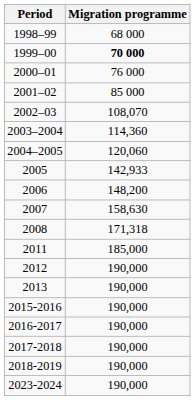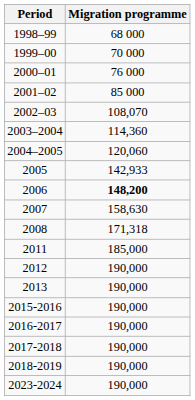 <table class="wikitable" style="text-align:center">
 <tr>
 <th>Period</th>
 <th>Migration programme</th>
 </tr>
 <tr>
 <td>1998–99</td>
 <td>68 000</td>
 </tr>
 <tr>
 <td>1999–00</td>
-<td><strong>70 000 </strong></td>
+<td>70 000 </td>
 </tr>
 <tr>
 <td>2000–01</td>
 <td>76 000 </td>
 </tr>
 <tr>
 <td>2001–02</td>
 <td>85 000 </td>
 </tr>
 <tr>
 <td>2002–03</td>
 <td>108,070 </td>
 </tr>
 <tr>
 <td>2003–2004</td>
 <td>114,360 </td>
 </tr>
 <tr>
 <td>2004–2005</td>
 <td>120,060 </td>
 </tr>
 <tr>
 <td>2005</td>
 <td>142,933 </td>
 </tr>
 <tr>
 <td>2006</td>
-<td>148,200 </td>
+<td><strong>148,200 </strong></td>
 </tr>
 <tr>
 <td>2007</td>
 <td>158,630 </td>
 </tr>
 <tr>
 <td>2008</td>
 <td>171,318 </td>
 </tr>
 <tr>
 <td>2011</td>
 <td>185,000 </td>
 </tr>
 <tr>
 <td>2012</td>
 <td>190,000 </td>
 </tr>
 <tr>
 <td>2013</td>
 <td>190,000</td>
 </tr>
 <tr>
 <td>2015-2016</td>
 <td>190,000</td>
 </tr>
 <tr>
 <td>2016-2017</td>
 <td>190,000</td>
 </tr>
 <tr>
 <td>2017-2018</td>
 <td>190,000</td>
 </tr>
 <tr>
 <td>2018-2019</td>
 <td>190,000</td>
 </tr>
 <tr>
 <td>2023-2024</td>
 <td>190,000</td>
 </tr>
 </table>
